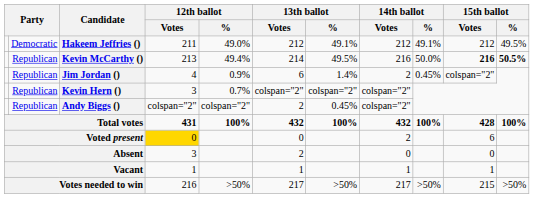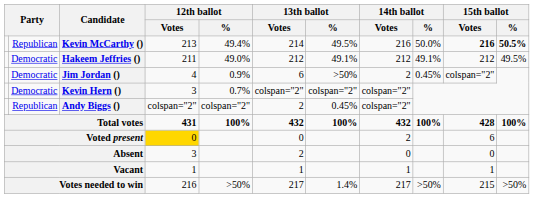 <table class="wikitable plainrowheaders" style="text-align: right;">
 <tr>
 <th colspan="2" rowspan="2" scope="col">Party</th>
 <th rowspan="2" scope="col">Candidate</th>
 <th colspan="2" scope="col">12th ballot</th>
 <th colspan="2" scope="col">13th ballot</th>
 <th colspan="2" scope="col">14th ballot</th>
 <th colspan="2" scope="col">15th ballot</th>
 </tr>
 <tr>
 <th scope="col">Votes</th>
 <th scope="col">%</th>
 <th scope="col">Votes</th>
 <th scope="col">%</th>
 <th scope="col">Votes</th>
 <th scope="col">%</th>
 <th scope="col">Votes</th>
 <th scope="col">%</th>
 </tr>
 <tr>
 <td style="background-color:"></td>
+<td><a href='#'>Republican</a></td>
+<th scope="row" style="text-align: left;"><a href='#'>Kevin McCarthy</a> ()</th>
+<td>213</td>
+<td>49.4%</td>
+<td>214</td>
+<td>49.5%</td>
+<td>216</td>
+<td>50.0%</td>
+<td><strong>216</strong></td>
+<td><strong>50.5%</strong></td>
+</tr>
+<tr>
+<td style="background-color:"></td>
 <td><a href='#'>Democratic</a></td>
 <th scope="row" style="text-align: left;"><a href='#'>Hakeem Jeffries</a> ()</th>
 <td>211</td>
 <td>49.0%</td>
 <td>212</td>
 <td>49.1%</td>
 <td>212</td>
 <td>49.1%</td>
 <td>212</td>
 <td>49.5%</td>
 </tr>
 <tr>
 <td style="background-color:"></td>
-<td><a href='#'>Republican</a></td>
-<th scope="row" style="text-align: left;"><a href='#'>Kevin McCarthy</a> ()</th>
-<td>213</td>
-<td>49.4%</td>
-<td>214</td>
-<td>49.5%</td>
-<td>216</td>
-<td>50.0%</td>
-<td><strong>216</strong></td>
-<td><strong>50.5%</strong></td>
-</tr>
-<tr>
-<td style="background-color:"></td>
-<td><a href='#'>Republican</a></td>
+<td><a href='#'>Democratic</a></td>
 <th scope="row" style="text-align: left;"><a href='#'>Jim Jordan</a> ()</th>
 <td>4</td>
 <td>0.9%</td>
 <td>6</td>
-<td>1.4%</td>
+<td>>50%</td>
 <td>2</td>
 <td>0.45%</td>
 <td>colspan="2" </td>
 </tr>
 <tr>
 <td style="background-color:"></td>
-<td><a href='#'>Republican</a></td>
+<td><a href='#'>Democratic</a></td>
 <th scope="row" style="text-align: left;"><a href='#'>Kevin Hern</a> ()</th>
 <td>3</td>
 <td>0.7%</td>
 <td>colspan="2" </td>
 <td>colspan="2" </td>
 <td>colspan="2" </td>
 </tr>
 <tr>
 <td style="background-color:"></td>
 <td><a href='#'>Republican</a></td>
 <th scope="row" style="text-align: left;"><a href='#'>Andy Biggs</a> ()</th>
 <td>colspan="2" </td>
 <td>colspan="2" </td>
 <td>2</td>
 <td>0.45%</td>
 <td>colspan="2" </td>
 </tr>
 <tr>
 <th colspan="3" scope="row" style="text-align: right;">Total votes</th>
 <td><strong>431</strong></td>
 <td><strong>100%</strong></td>
 <td><strong>432</strong></td>
 <td><strong>100%</strong></td>
 <td><strong>432</strong></td>
 <td><strong>100%</strong></td>
 <td><strong>428</strong></td>
 <td><strong>100%</strong></td>
 </tr>
 <tr>
 <th colspan="3" scope="row" style="text-align: right;">Voted <em>present</em></th>
 <td style="background: gold;">0</td>
 <td></td>
 <td>0</td>
 <td></td>
 <td>2</td>
 <td></td>
 <td>6</td>
 <td></td>
 </tr>
 <tr>
 <th colspan="3" scope="row" style="text-align: right;">Absent</th>
 <td>3</td>
 <td></td>
 <td>2</td>
 <td></td>
 <td>0</td>
 <td></td>
 <td>0</td>
 <td></td>
 </tr>
 <tr>
 <th colspan="3" scope="row" style="text-align: right;">Vacant</th>
 <td>1</td>
 <td></td>
 <td>1</td>
 <td></td>
 <td>1</td>
 <td></td>
 <td>1</td>
 <td></td>
 </tr>
 <tr>
 <th colspan="3" scope="row" style="text-align: right;">Votes needed to win</th>
 <td>216</td>
 <td>>50%</td>
 <td>217</td>
-<td>>50%</td>
+<td>1.4%</td>
 <td>217</td>
 <td>>50%</td>
 <td>215</td>
 <td>>50%</td>
 </tr>
 </table>
